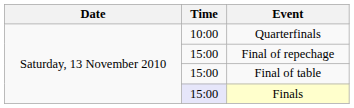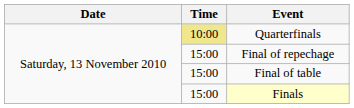 <table class = "wikitable" style="text-align:center;">
 <tr>
 <th width=220>Date</th>
 <th width=50>Time</th>
 <th width=150>Event</th>
 </tr>
 <tr>
 <td rowspan=4>Saturday, 13 November 2010</td>
-<td>10:00</td>
+<td style="background: khaki;">10:00</td>
 <td>Quarterfinals</td>
 </tr>
 <tr>
 <td>15:00</td>
 <td>Final of repechage</td>
 </tr>
 <tr>
 <td>15:00</td>
 <td>Final of table</td>
 </tr>
 <tr>
-<td style="background: lavender;">15:00</td>
+<td>15:00</td>
 <td bgcolor=ffffcc>Finals</td>
 </tr>
 </table>
